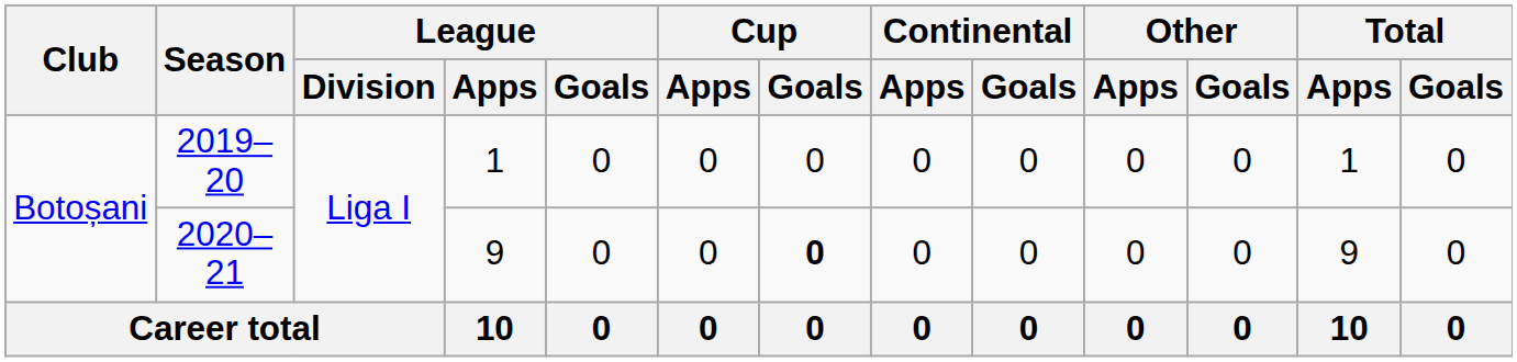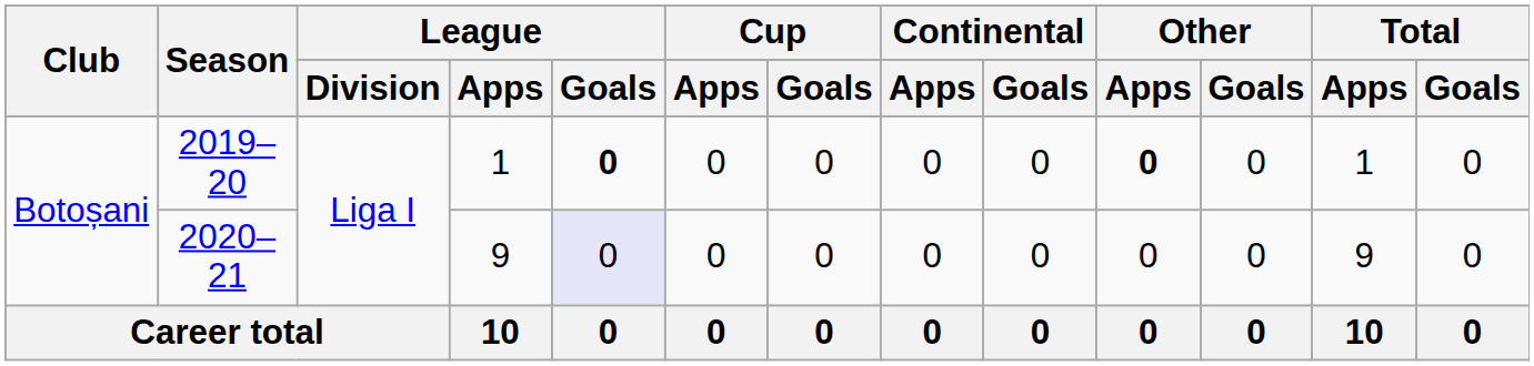 <table class="wikitable" style="text-align: center">
 <tr>
 <th rowspan="2">Club</th>
 <th rowspan="2">Season</th>
 <th colspan="3">League</th>
 <th colspan="2">Cup</th>
 <th colspan="2">Continental</th>
 <th colspan="2">Other</th>
 <th colspan="2">Total</th>
 </tr>
 <tr>
 <th>Division</th>
 <th>Apps</th>
 <th>Goals</th>
 <th>Apps</th>
 <th>Goals</th>
 <th>Apps</th>
 <th>Goals</th>
 <th>Apps</th>
 <th>Goals</th>
 <th>Apps</th>
 <th>Goals</th>
 </tr>
 <tr>
 <td rowspan="2"><a href='#'>Botoșani</a></td>
 <td><a href='#'>2019–20</a></td>
 <td rowspan="2"><a href='#'>Liga I</a></td>
 <td>1</td>
+<td><strong>0</strong></td>
 <td>0</td>
 <td>0</td>
 <td>0</td>
 <td>0</td>
-<td>0</td>
-<td>0</td>
+<td><strong>0</strong></td>
 <td>0</td>
 <td>1</td>
 <td>0</td>
 </tr>
 <tr>
 <td><a href='#'>2020–21</a></td>
 <td>9</td>
+<td style="background: lavender;">0</td>
 <td>0</td>
 <td>0</td>
-<td><strong>0</strong></td>
 <td>0</td>
 <td>0</td>
 <td>0</td>
 <td>0</td>
 <td>9</td>
 <td>0</td>
 </tr>
 <tr>
 <th colspan="3"><strong>Career total</strong></th>
 <th>10</th>
 <th>0</th>
 <th>0</th>
 <th>0</th>
 <th>0</th>
 <th>0</th>
 <th>0</th>
 <th>0</th>
 <th>10</th>
 <th>0</th>
 </tr>
 </table>
